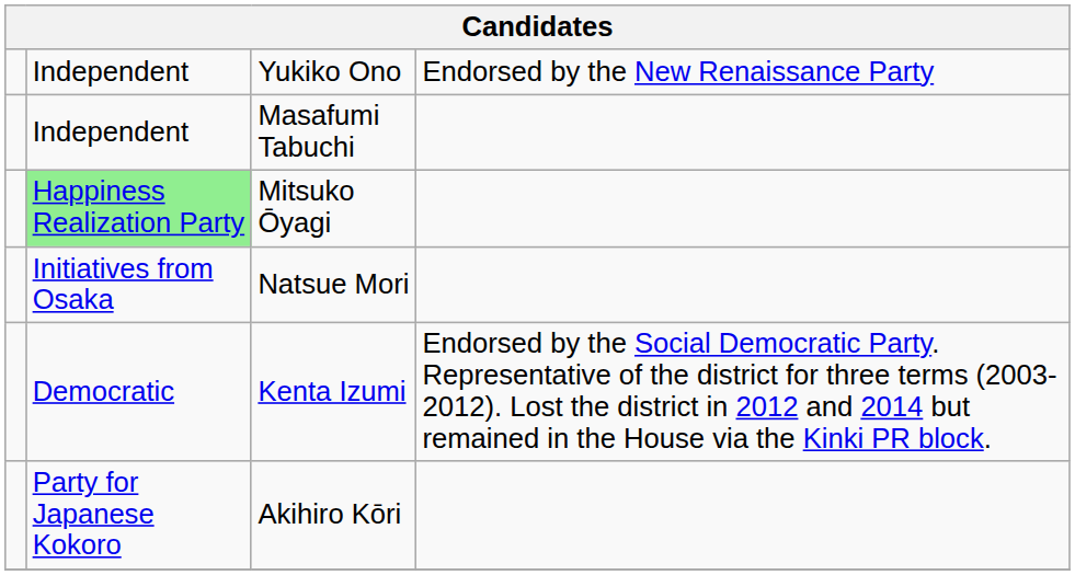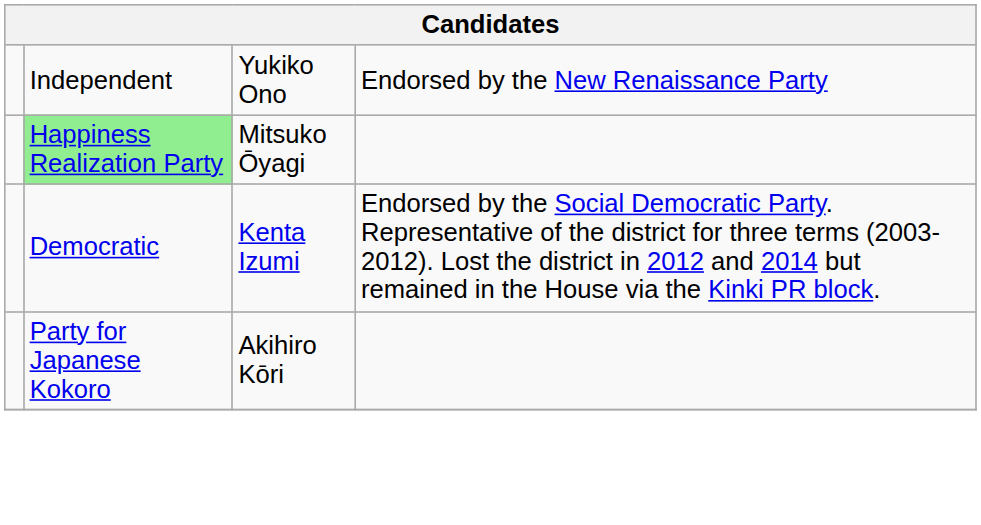 <table class="wikitable">
 <tr>
 <th colspan=4>Candidates</th>
 </tr>
 <tr>
 <td style="background:"> </td>
 <td>Independent</td>
 <td>Yukiko Ono</td>
 <td>Endorsed by the <a href='#'>New Renaissance Party</a></td>
 </tr>
 <tr>
 <td style="background:"> </td>
-<td>Independent</td>
-<td>Masafumi Tabuchi</td>
-<td></td>
-</tr>
-<tr>
-<td style="background:"> </td>
 <td style="background: lightgreen;"><a href='#'>Happiness Realization Party</a></td>
 <td>Mitsuko Ōyagi</td>
-<td></td>
-</tr>
-<tr>
-<td style="background:"> </td>
-<td><a href='#'>Initiatives from Osaka</a></td>
-<td>Natsue Mori</td>
 <td></td>
 </tr>
 <tr>
 <td style="background:"> </td>
 <td><a href='#'>Democratic</a></td>
 <td><a href='#'>Kenta Izumi</a></td>
 <td>Endorsed by the <a href='#'>Social Democratic Party</a>.<br> Representative of the district for three terms (2003-2012). Lost the district in <a href='#'>2012</a> and <a href='#'>2014</a> but remained in the House via the <a href='#'>Kinki PR block</a>.</td>
 </tr>
 <tr>
 <td style="background:"> </td>
 <td><a href='#'>Party for Japanese Kokoro</a></td>
 <td>Akihiro Kōri</td>
 <td></td>
 </tr>
 <tr>
 </tr>
 </table>
